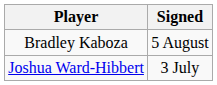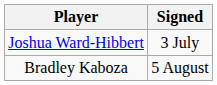 <table class="wikitable sortable sortable" style="text-align: center">
 <tr>
 <th>Player</th>
 <th>Signed</th>
 </tr>
 <tr>
+<td><a href='#'>Joshua Ward-Hibbert</a></td>
+<td>3 July</td>
+</tr>
+<tr>
 <td>Bradley Kaboza</td>
 <td>5 August</td>
 </tr>
-<tr>
-<td><a href='#'>Joshua Ward-Hibbert</a></td>
-<td>3 July</td>
-</tr>
 </table>
